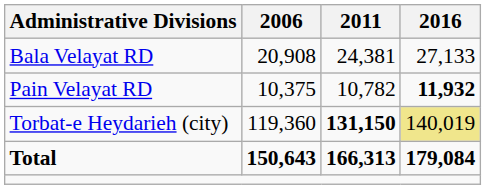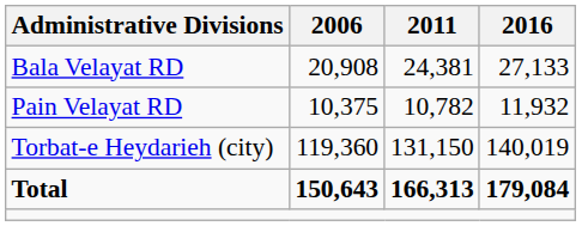 <table class="wikitable">
 <tr>
 <th>Administrative Divisions</th>
 <th>2006</th>
 <th>2011</th>
 <th>2016</th>
 </tr>
 <tr>
 <td><a href='#'>Bala Velayat RD</a></td>
 <td style="text-align: right;">20,908</td>
 <td style="text-align: right;">24,381</td>
 <td style="text-align: right;">27,133</td>
 </tr>
 <tr>
 <td><a href='#'>Pain Velayat RD</a></td>
 <td style="text-align: right;">10,375</td>
 <td style="text-align: right;">10,782</td>
-<td style="text-align: right;"><strong>11,932</strong></td>
+<td style="text-align: right;">11,932</td>
 </tr>
 <tr>
 <td><a href='#'>Torbat-e Heydarieh</a> (city)</td>
 <td style="text-align: right;">119,360</td>
-<td style="text-align: right;"><strong>131,150</strong></td>
-<td style="background: khaki; text-align: right;">140,019</td>
+<td style="text-align: right;">131,150</td>
+<td style="text-align: right;">140,019</td>
 </tr>
 <tr>
 <td><strong>Total</strong></td>
 <td style="text-align: right;"><strong>150,643</strong></td>
 <td style="text-align: right;"><strong>166,313</strong></td>
 <td style="text-align: right;"><strong>179,084</strong></td>
 </tr>
 <tr>
 <td colspan=4></td>
 </tr>
 </table>
